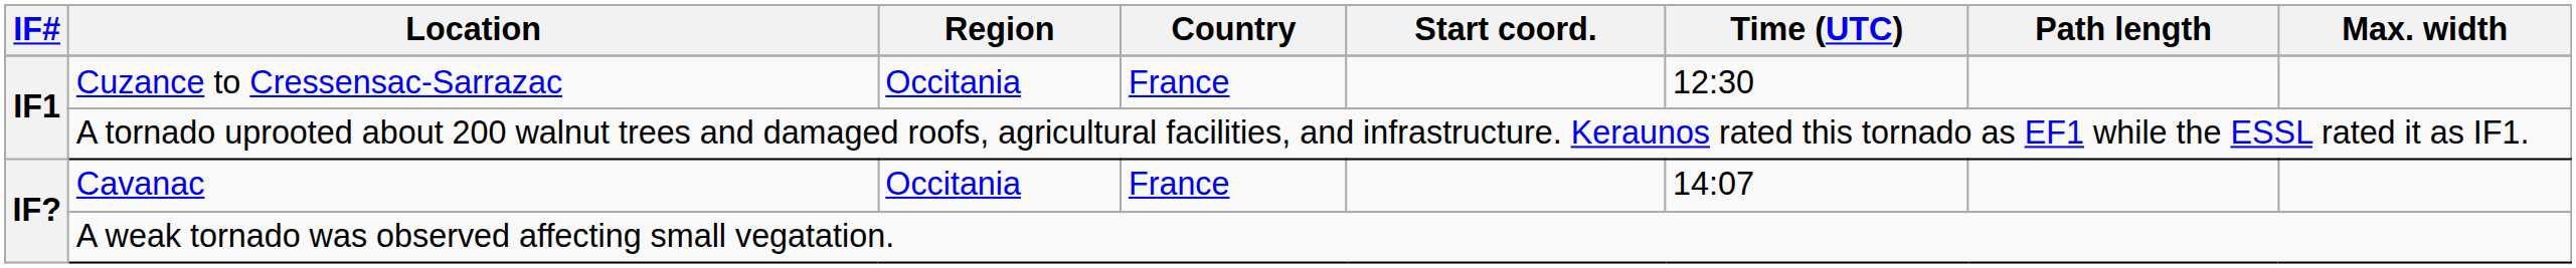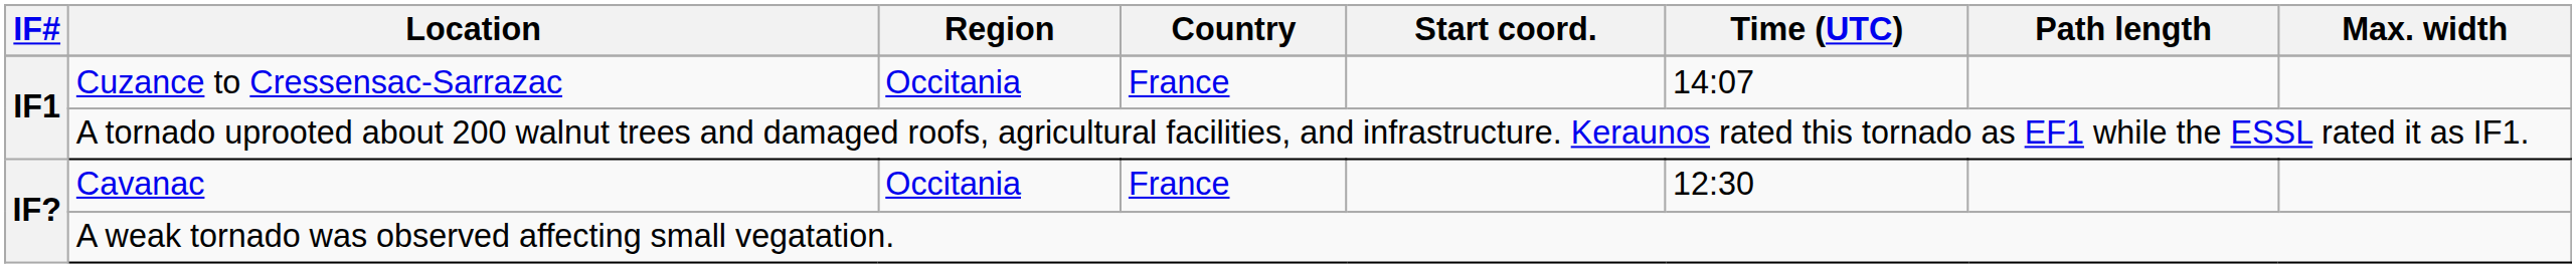 <table class="wikitable sortable" style="width:100%;">
 <tr>
 <th scope="col" width="2%" align="center"><a href='#'>IF#</a></th>
 <th scope="col" align="center" class="unsortable">Location</th>
 <th scope="col" align="center" class="unsortable">Region</th>
 <th scope="col" align="center">Country</th>
 <th scope="col" align="center">Start coord.</th>
 <th scope="col" align="center">Time (<a href='#'>UTC</a>)</th>
 <th scope="col" align="center">Path length</th>
 <th scope="col" align="center">Max. width</th>
 </tr>
 <tr>
 </tr>
 <tr>
 <th scope="row" rowspan="2" style="background-color:#">IF1</th>
 <td><a href='#'>Cuzance</a> to <a href='#'>Cressensac-Sarrazac</a></td>
 <td><a href='#'>Occitania</a></td>
 <td><a href='#'>France</a></td>
 <td></td>
-<td>12:30</td>
+<td>14:07</td>
 <td></td>
 <td></td>
 </tr>
 <tr class="expand-child">
 <td colspan="8" style=" border-bottom: 1px solid black;">A tornado uprooted about 200 walnut trees and damaged roofs, agricultural facilities, and infrastructure. <a href='#'>Keraunos</a> rated this tornado as <a href='#'>EF1</a> while the <a href='#'>ESSL</a> rated it as IF1.</td>
 </tr>
 <tr>
 <th scope="row" rowspan="2" style="background-color:#">IF?</th>
 <td><a href='#'>Cavanac</a></td>
 <td><a href='#'>Occitania</a></td>
 <td><a href='#'>France</a></td>
 <td></td>
-<td>14:07</td>
+<td>12:30</td>
 <td></td>
 <td></td>
 </tr>
 <tr class="expand-child">
 <td colspan="8" style=" border-bottom: 1px solid black;">A weak tornado was observed affecting small vegatation.</td>
 </tr>
 </table>
